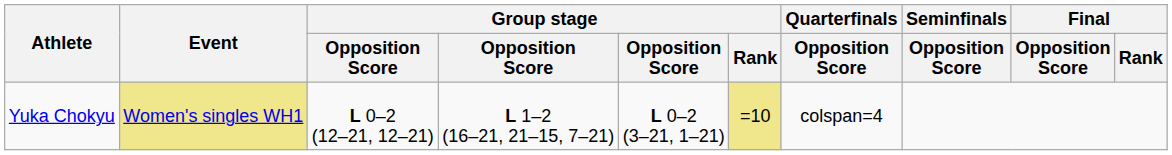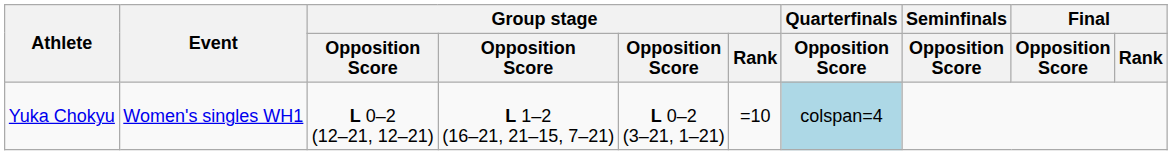 <table class=wikitable style="font-size:90%">
 <tr>
 <th rowspan="2">Athlete</th>
 <th rowspan="2">Event</th>
 <th colspan="4">Group stage</th>
 <th>Quarterfinals</th>
 <th>Seminfinals</th>
 <th colspan="2">Final</th>
 </tr>
 <tr>
 <th>Opposition<br>Score</th>
 <th>Opposition<br>Score</th>
 <th>Opposition<br>Score</th>
 <th>Rank</th>
 <th>Opposition<br>Score</th>
 <th>Opposition<br>Score</th>
 <th>Opposition<br>Score</th>
 <th>Rank</th>
 </tr>
 <tr align=center>
 <td align=left><a href='#'>Yuka Chokyu</a></td>
-<td align=left style="background: khaki;"><a href='#'>Women's singles WH1</a></td>
+<td align=left><a href='#'>Women's singles WH1</a></td>
 <td><br><strong>L</strong> 0–2<br>(12–21, 12–21)</td>
 <td><br><strong>L</strong> 1–2<br>(16–21, 21–15, 7–21)</td>
 <td><br><strong>L</strong> 0–2<br>(3–21, 1–21)</td>
-<td style="background: khaki;">=10</td>
-<td>colspan=4 </td>
+<td>=10</td>
+<td style="background: lightblue;">colspan=4 </td>
 </tr>
 </table>
